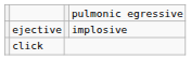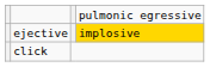 <table class="wikitable">
 <tr>
 <th></th>
 <td></td>
 <th></th>
 <td>pulmonic egressive</td>
 </tr>
 <tr>
 <th></th>
 <td>ejective</td>
 <th></th>
-<td>implosive</td>
+<td style="background: gold;">implosive</td>
 </tr>
 <tr>
 <th></th>
 <td>click</td>
 <td colspan="2"></td>
 </tr>
 </table>
